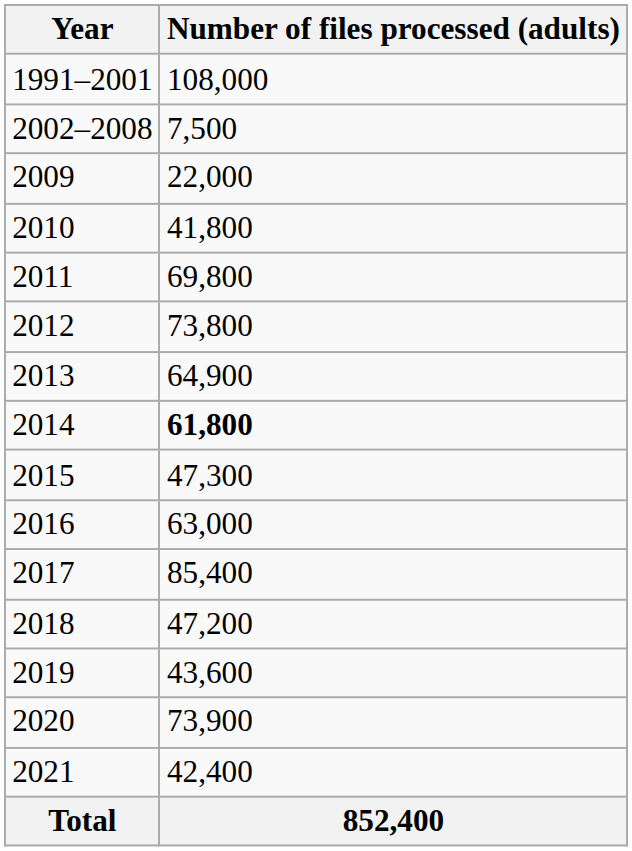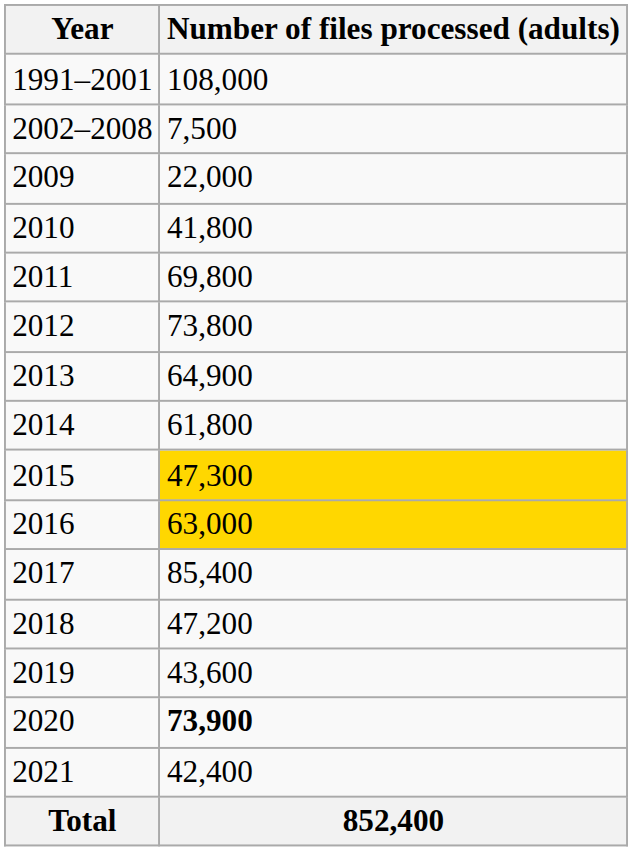 <table class="wikitable">
 <tr>
 <th>Year</th>
 <th>Number of files processed (adults)</th>
 </tr>
 <tr>
 <td>1991–2001</td>
 <td>108,000</td>
 </tr>
 <tr>
 <td>2002–2008</td>
 <td>7,500</td>
 </tr>
 <tr>
 <td>2009</td>
 <td>22,000</td>
 </tr>
 <tr>
 <td>2010</td>
 <td>41,800</td>
 </tr>
 <tr>
 <td>2011</td>
 <td>69,800</td>
 </tr>
 <tr>
 <td>2012</td>
 <td>73,800</td>
 </tr>
 <tr>
 <td>2013</td>
 <td>64,900</td>
 </tr>
 <tr>
 <td>2014</td>
-<td><strong>61,800</strong></td>
+<td>61,800</td>
 </tr>
 <tr>
 <td>2015</td>
-<td>47,300</td>
+<td style="background: gold;">47,300</td>
 </tr>
 <tr>
 <td>2016</td>
-<td>63,000</td>
+<td style="background: gold;">63,000</td>
 </tr>
 <tr>
 <td>2017</td>
 <td>85,400</td>
 </tr>
 <tr>
 <td>2018</td>
 <td>47,200</td>
 </tr>
 <tr>
 <td>2019</td>
 <td>43,600</td>
 </tr>
 <tr>
 <td>2020</td>
-<td>73,900</td>
+<td><strong>73,900</strong></td>
 </tr>
 <tr>
 <td>2021</td>
 <td>42,400</td>
 </tr>
 <tr>
 <th>Total</th>
 <th>852,400</th>
 </tr>
 </table>
